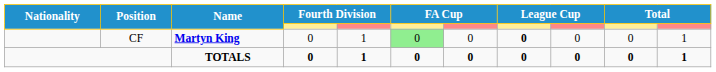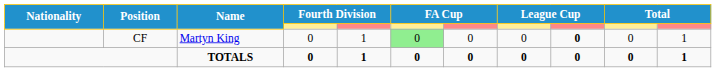 <table class="wikitable" style="text-align:center; font-size:90%; width:100%;">
 <tr>
 <th rowspan="2" style="background:#2191CC; color:white; border:1px solid #F7C408; text-align:center;">Nationality</th>
 <th rowspan="2" style="background:#2191CC; color:white; border:1px solid #F7C408; text-align:center;">Position</th>
 <th rowspan="2" style="background:#2191CC; color:white; border:1px solid #F7C408; text-align:center;">Name</th>
 <th colspan="2" style="background:#2191CC; color:white; border:1px solid #F7C408; text-align:center;">Fourth Division</th>
 <th colspan="2" style="background:#2191CC; color:white; border:1px solid #F7C408; text-align:center;">FA Cup</th>
 <th colspan="2" style="background:#2191CC; color:white; border:1px solid #F7C408; text-align:center;">League Cup</th>
 <th colspan="2" style="background:#2191CC; color:white; border:1px solid #F7C408; text-align:center;">Total</th>
 </tr>
 <tr>
 <th width=60 style="background: #FFEE99"></th>
 <th width=60 style="background: #FF8888"></th>
 <th width=60 style="background: #FFEE99"></th>
 <th width=60 style="background: #FF8888"></th>
 <th width=60 style="background: #FFEE99"></th>
 <th width=60 style="background: #FF8888"></th>
 <th width=60 style="background: #FFEE99"></th>
 <th width=60 style="background: #FF8888"></th>
 </tr>
 <tr>
 <td></td>
 <td>CF</td>
-<td align="left"><strong><a href='#'>Martyn King</a></strong></td>
+<td align="left"><a href='#'>Martyn King</a></td>
 <td>0</td>
 <td>1</td>
 <td style="background: lightgreen;">0</td>
 <td>0</td>
+<td>0</td>
 <td><strong>0</strong></td>
-<td>0</td>
 <td>0</td>
 <td>1</td>
 </tr>
 <tr>
 <td colspan="2"></td>
 <td><strong>TOTALS</strong></td>
 <td><strong>0</strong></td>
 <td><strong>1</strong></td>
 <td><strong>0</strong></td>
 <td><strong>0</strong></td>
 <td><strong>0</strong></td>
 <td><strong>0</strong></td>
 <td><strong>0</strong></td>
 <td><strong>1</strong></td>
 </tr>
 </table>
